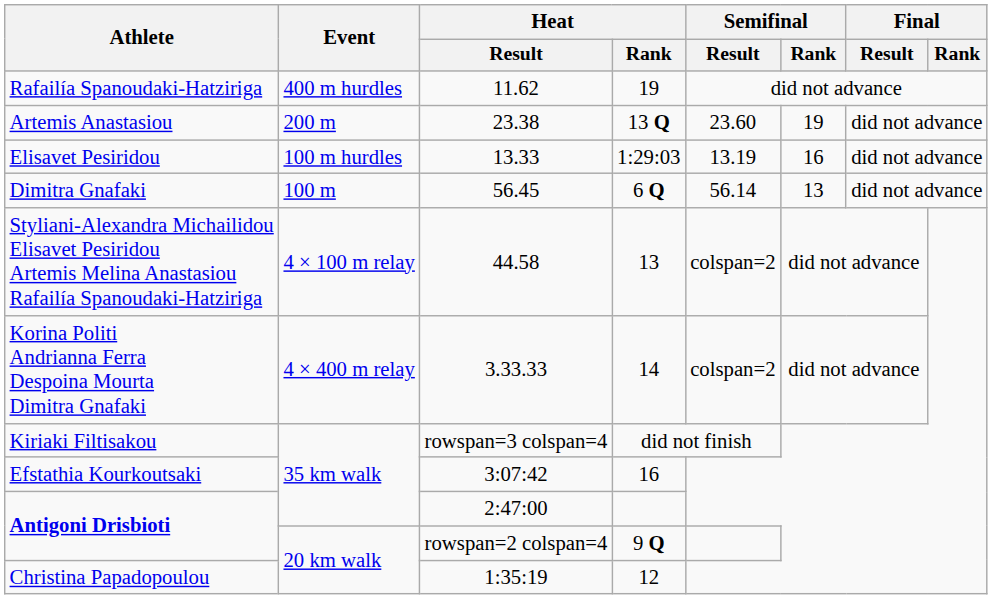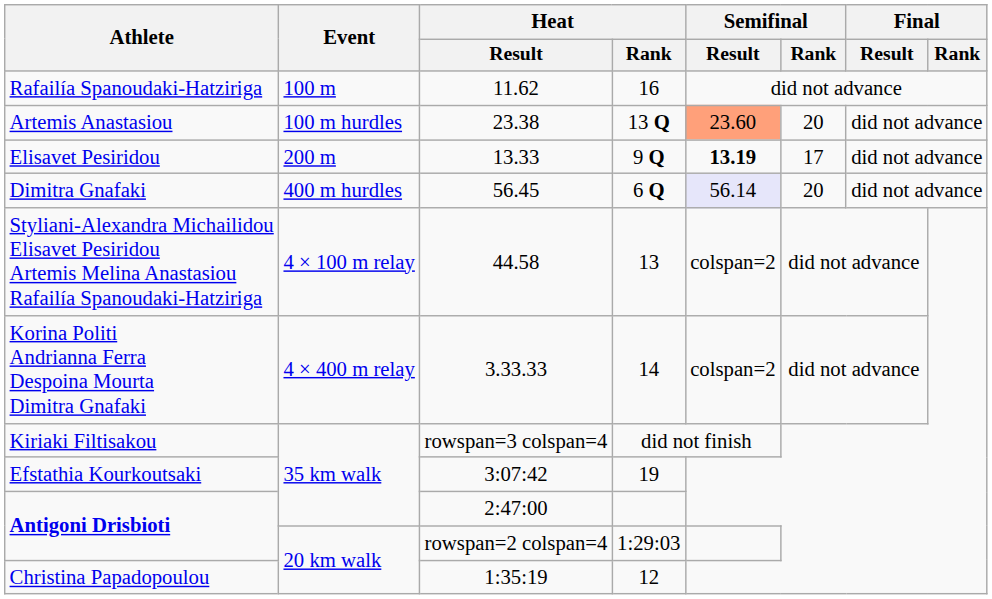 <table class="wikitable" style="font-size:90%">
 <tr>
 <th rowspan=2>Athlete</th>
 <th rowspan=2>Event</th>
 <th colspan=2>Heat</th>
 <th colspan=2>Semifinal</th>
 <th colspan=2>Final</th>
 </tr>
 <tr style="font-size:95%">
 <th>Result</th>
 <th>Rank</th>
 <th>Result</th>
 <th>Rank</th>
 <th>Result</th>
 <th>Rank</th>
 </tr>
 <tr align=center>
 <td align=left><a href='#'>Rafailía Spanoudaki-Hatziriga</a></td>
-<td style="text-align:left;"><a href='#'>400 m hurdles</a></td>
+<td style="text-align:left;"><a href='#'>100 m</a></td>
 <td>11.62</td>
-<td>19</td>
+<td>16</td>
 <td colspan=4>did not advance</td>
 </tr>
 <tr align=center>
 <td align=left><a href='#'>Artemis Anastasiou</a></td>
-<td style="text-align:left;"><a href='#'>200 m</a></td>
+<td style="text-align:left;"><a href='#'>100 m hurdles</a></td>
 <td>23.38</td>
 <td>13 <strong>Q</strong></td>
-<td>23.60</td>
-<td>19</td>
+<td style="background: lightsalmon;">23.60</td>
+<td>20</td>
 <td colspan=2>did not advance</td>
 </tr>
 <tr align=center>
 <td align=left><a href='#'>Elisavet Pesiridou</a></td>
-<td style="text-align:left;"><a href='#'>100 m hurdles</a></td>
+<td style="text-align:left;"><a href='#'>200 m</a></td>
 <td>13.33</td>
-<td>1:29:03 <strong></strong></td>
-<td>13.19</td>
-<td>16</td>
+<td>9 <strong>Q</strong></td>
+<td><strong>13.19</strong></td>
+<td>17</td>
 <td colspan=2>did not advance</td>
 </tr>
 <tr align=center>
 <td align=left><a href='#'>Dimitra Gnafaki</a></td>
-<td style="text-align:left;"><a href='#'>100 m</a></td>
+<td style="text-align:left;"><a href='#'>400 m hurdles</a></td>
 <td>56.45 <strong></strong></td>
 <td>6 <strong>Q</strong></td>
-<td>56.14 <strong></strong></td>
-<td>13</td>
+<td style="background: lavender;">56.14 <strong></strong></td>
+<td>20</td>
 <td colspan=4>did not advance</td>
 </tr>
 <tr align=center>
 <td align=left><a href='#'>Styliani-Alexandra Michailidou</a><br> <a href='#'>Elisavet Pesiridou</a><br> <a href='#'>Artemis Melina Anastasiou</a><br> <a href='#'>Rafailía Spanoudaki-Hatziriga</a></td>
 <td style="text-align:left;"><a href='#'>4 × 100 m relay</a></td>
 <td>44.58</td>
 <td>13</td>
 <td>colspan=2 </td>
 <td colspan=2>did not advance</td>
 </tr>
 <tr align=center>
 <td align=left><a href='#'>Korina Politi</a><br>  <a href='#'>Andrianna Ferra</a><br> <a href='#'>Despoina Mourta</a><br>  <a href='#'>Dimitra Gnafaki</a></td>
 <td style="text-align:left;"><a href='#'>4 × 400 m relay</a></td>
 <td>3.33.33 <strong></strong></td>
 <td>14</td>
 <td>colspan=2 </td>
 <td colspan=2>did not advance</td>
 </tr>
 <tr align=center>
 <td align=left><a href='#'>Kiriaki Filtisakou</a></td>
 <td style="text-align:left;" rowspan=3><a href='#'>35 km walk</a></td>
 <td>rowspan=3 colspan=4 </td>
 <td colspan=2>did not finish</td>
 </tr>
 <tr align=center>
 <td align=left><a href='#'>Efstathia Kourkoutsaki</a></td>
 <td>3:07:42</td>
-<td>16</td>
+<td>19</td>
 </tr>
 <tr align=center>
 <td align=left rowspan=2><strong><a href='#'>Antigoni Drisbioti</a></strong></td>
 <td>2:47:00 <strong></strong></td>
 <td></td>
 </tr>
 <tr align=center>
 <td style="text-align:left;" rowspan=2><a href='#'>20 km walk</a></td>
 <td>rowspan=2 colspan=4 </td>
-<td>9 <strong>Q</strong></td>
+<td>1:29:03 <strong></strong></td>
 <td></td>
 </tr>
 <tr align=center>
 <td align=left><a href='#'>Christina Papadopoulou</a></td>
 <td>1:35:19 <strong></strong></td>
 <td>12</td>
 </tr>
 </table>
